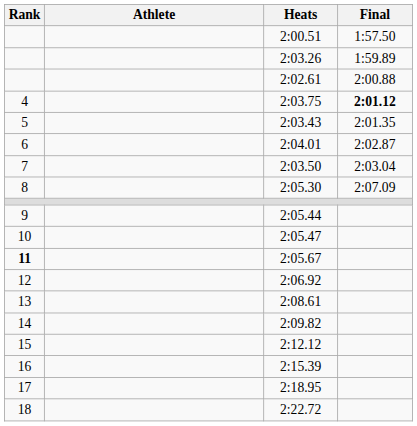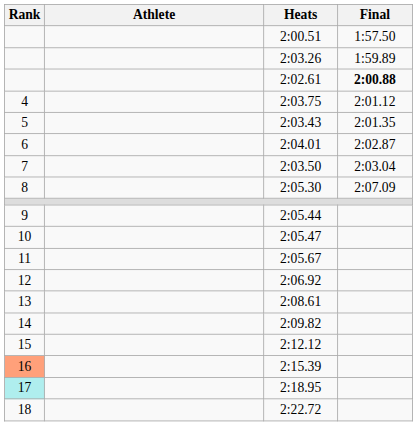 <table class=wikitable style="text-align:center">
 <tr>
 <th width=40>Rank</th>
 <th width=250>Athlete</th>
 <th width=80>Heats</th>
 <th width=80>Final</th>
 </tr>
 <tr>
 <td></td>
 <td align=left></td>
 <td>2:00.51</td>
 <td>1:57.50</td>
 </tr>
 <tr>
 <td></td>
 <td align=left></td>
 <td>2:03.26</td>
 <td>1:59.89</td>
 </tr>
 <tr>
 <td></td>
 <td align=left></td>
 <td>2:02.61</td>
-<td>2:00.88</td>
+<td><strong>2:00.88</strong></td>
 </tr>
 <tr>
 <td>4</td>
 <td align=left></td>
 <td>2:03.75</td>
-<td><strong>2:01.12</strong></td>
+<td>2:01.12</td>
 </tr>
 <tr>
 <td>5</td>
 <td align=left></td>
 <td>2:03.43</td>
 <td>2:01.35</td>
 </tr>
 <tr>
 <td>6</td>
 <td align=left></td>
 <td>2:04.01</td>
 <td>2:02.87</td>
 </tr>
 <tr>
 <td>7</td>
 <td align=left></td>
 <td>2:03.50</td>
 <td>2:03.04</td>
 </tr>
 <tr>
 <td>8</td>
 <td align=left></td>
 <td>2:05.30</td>
 <td>2:07.09</td>
 </tr>
 <tr bgcolor=#DDDDDD>
 <td colspan=4></td>
 </tr>
 <tr>
 <td>9</td>
 <td align=left></td>
 <td>2:05.44</td>
 <td></td>
 </tr>
 <tr>
 <td>10</td>
 <td align=left></td>
 <td>2:05.47</td>
 <td></td>
 </tr>
 <tr>
-<td><strong>11</strong></td>
+<td>11</td>
 <td align=left></td>
 <td>2:05.67</td>
 <td></td>
 </tr>
 <tr>
 <td>12</td>
 <td align=left></td>
 <td>2:06.92</td>
 <td></td>
 </tr>
 <tr>
 <td>13</td>
 <td align=left></td>
 <td>2:08.61</td>
 <td></td>
 </tr>
 <tr>
 <td>14</td>
 <td align=left></td>
 <td>2:09.82</td>
 <td></td>
 </tr>
 <tr>
 <td>15</td>
 <td align=left></td>
 <td>2:12.12</td>
 <td></td>
 </tr>
 <tr>
-<td>16</td>
+<td style="background: lightsalmon;">16</td>
 <td align=left></td>
 <td>2:15.39</td>
 <td></td>
 </tr>
 <tr>
-<td>17</td>
+<td style="background: paleturquoise;">17</td>
 <td align=left></td>
 <td>2:18.95</td>
 <td></td>
 </tr>
 <tr>
 <td>18</td>
 <td align=left></td>
 <td>2:22.72</td>
 <td></td>
 </tr>
 </table>
